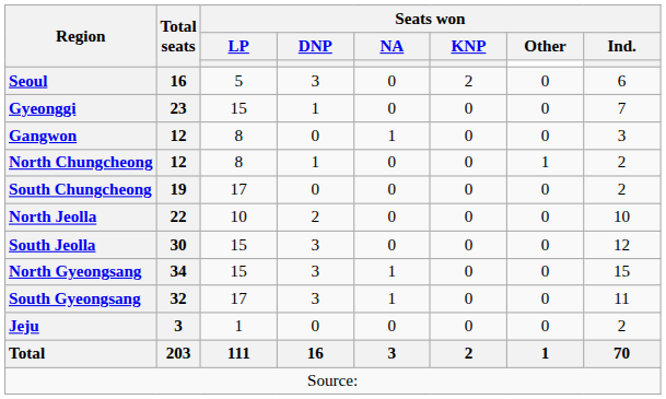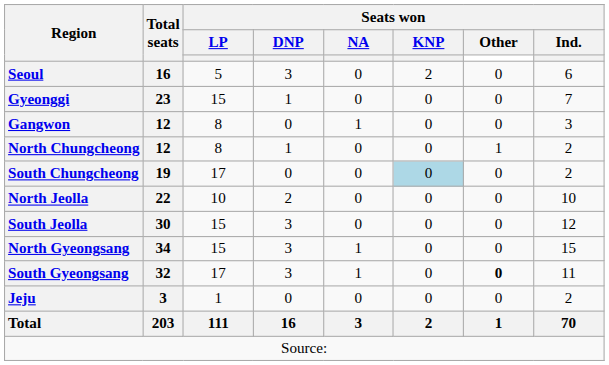 <table class="wikitable" style="text-align:center; font-size: 0.9em">
 <tr>
 <th rowspan="3">Region</th>
 <th rowspan="3">Total<br>seats</th>
 <th colspan="6">Seats won</th>
 </tr>
 <tr>
 <th class="unsortable" style="width:60px"><a href='#'>LP</a></th>
 <th class="unsortable" style="width:60px"><a href='#'>DNP</a></th>
 <th class="unsortable" style="width:60px"><a href='#'>NA</a></th>
 <th class="unsortable" style="width:60px"><a href='#'>KNP</a></th>
 <th class="unsortable" style="width:60px">Other</th>
 <th class="unsortable" style="width:60px">Ind.</th>
 </tr>
 <tr>
 <th style="background:"></th>
 <th style="background:"></th>
 <th style="background:"></th>
 <th style="background:"></th>
 <th style="background:white"></th>
 <th style="background:"></th>
 </tr>
 <tr>
 <th style="text-align: left"><a href='#'>Seoul</a></th>
 <th>16</th>
 <td>5</td>
 <td>3</td>
 <td>0</td>
 <td>2</td>
 <td>0</td>
 <td>6</td>
 </tr>
 <tr>
 <th style="text-align: left"><a href='#'>Gyeonggi</a></th>
 <th>23</th>
 <td>15</td>
 <td>1</td>
 <td>0</td>
 <td>0</td>
 <td>0</td>
 <td>7</td>
 </tr>
 <tr>
 <th style="text-align: left"><a href='#'>Gangwon</a></th>
 <th>12</th>
 <td>8</td>
 <td>0</td>
 <td>1</td>
 <td>0</td>
 <td>0</td>
 <td>3</td>
 </tr>
 <tr>
 <th style="text-align: left"><a href='#'>North Chungcheong</a></th>
 <th>12</th>
 <td>8</td>
 <td>1</td>
 <td>0</td>
 <td>0</td>
 <td>1</td>
 <td>2</td>
 </tr>
 <tr>
 <th style="text-align: left"><a href='#'>South Chungcheong</a></th>
 <th>19</th>
 <td>17</td>
 <td>0</td>
 <td>0</td>
-<td>0</td>
+<td style="background: lightblue;">0</td>
 <td>0</td>
 <td>2</td>
 </tr>
 <tr>
 <th style="text-align: left"><a href='#'>North Jeolla</a></th>
 <th>22</th>
 <td>10</td>
 <td>2</td>
 <td>0</td>
 <td>0</td>
 <td>0</td>
 <td>10</td>
 </tr>
 <tr>
 <th style="text-align: left"><a href='#'>South Jeolla</a></th>
 <th>30</th>
 <td>15</td>
 <td>3</td>
 <td>0</td>
 <td>0</td>
 <td>0</td>
 <td>12</td>
 </tr>
 <tr>
 <th style="text-align: left"><a href='#'>North Gyeongsang</a></th>
 <th>34</th>
 <td>15</td>
 <td>3</td>
 <td>1</td>
 <td>0</td>
 <td>0</td>
 <td>15</td>
 </tr>
 <tr>
 <th style="text-align: left"><a href='#'>South Gyeongsang</a></th>
 <th>32</th>
 <td>17</td>
 <td>3</td>
 <td>1</td>
 <td>0</td>
-<td>0</td>
+<td><strong>0</strong></td>
 <td>11</td>
 </tr>
 <tr>
 <th style="text-align: left"><a href='#'>Jeju</a></th>
 <th>3</th>
 <td>1</td>
 <td>0</td>
 <td>0</td>
 <td>0</td>
 <td>0</td>
 <td>2</td>
 </tr>
 <tr class="sortbottom">
 <th style="text-align: left">Total</th>
 <th>203</th>
 <th>111</th>
 <th>16</th>
 <th>3</th>
 <th>2</th>
 <th>1</th>
 <th>70</th>
 </tr>
 <tr>
 <td colspan="8">Source: </td>
 </tr>
 </table>
